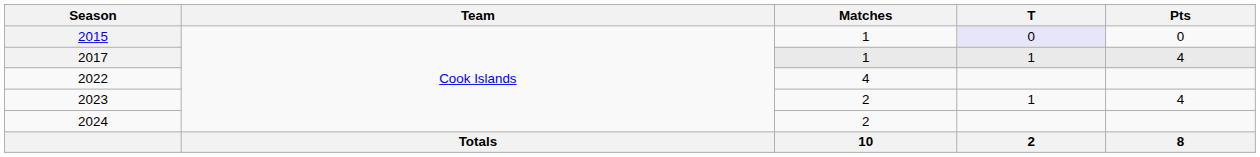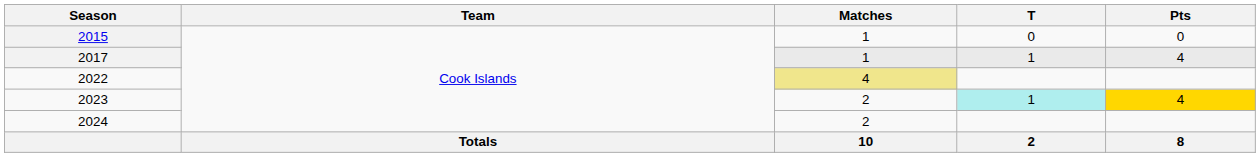 <table class="wikitable sortable"  style="font-size:90%; text-align:center; width:85%;">
 <tr>
 <th width=2%>Season</th>
 <th width=8%>Team</th>
 <th width=2%>Matches</th>
 <th width=2%>T</th>
 <th width=2%>Pts</th>
 </tr>
 <tr>
 <th scope="row" style="text-align:center; font-weight:normal"><a href='#'>2015</a></th>
 <td rowspan="5" style="text-align:center;"> <a href='#'>Cook Islands</a></td>
 <td>1</td>
-<td style="background: lavender;">0</td>
+<td>0</td>
 <td>0</td>
 </tr>
 <tr style="background:#eaeaea;">
 <th scope="row" style="text-align:center; font-weight:normal">2017</th>
 <td>1</td>
 <td>1</td>
 <td>4</td>
 </tr>
 <tr>
 <td>2022</td>
-<td>4</td>
+<td style="background: khaki;">4</td>
 <td></td>
 <td></td>
 </tr>
 <tr>
 <td>2023</td>
 <td>2</td>
-<td>1</td>
-<td>4</td>
+<td style="background: paleturquoise;">1</td>
+<td style="background: gold;">4</td>
 </tr>
 <tr>
 <td>2024</td>
 <td>2</td>
 <td></td>
 <td></td>
 </tr>
 <tr>
 <th></th>
 <th>Totals</th>
 <th>10</th>
 <th>2</th>
 <th>8</th>
 </tr>
 </table>
